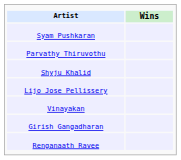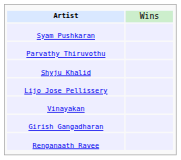 <table class="infobox" style="width: 25em; text-align: center; font-size: 70%; vertical-align: middle;">
 <tr>
 <td colspan="3" style="text-align:center;"></td>
 </tr>
 <tr style="background:#d9e8ff; text-align:center;">
 <th style="vertical-align: middle;">Artist</th>
-<td style="background:#cec; font-size:8pt; width:60px;"><strong>Wins</strong></td>
+<td style="background:#cec; font-size:8pt; width:60px;">Wins</td>
 </tr>
 <tr style="background:#eef;">
 <td style="text-align:center;"><br><a href='#'>Syam Pushkaran</a></td>
 <td></td>
 </tr>
 <tr style="background:#eef;">
 <td style="text-align:center;"><br><a href='#'>Parvathy Thiruvothu</a></td>
 <td></td>
 </tr>
 <tr style="background:#eef;">
 <td style="text-align:center;"><br><a href='#'>Shyju Khalid</a></td>
 <td></td>
 </tr>
 <tr style="background:#eef;">
 <td style="text-align:center;"><br><a href='#'>Lijo Jose Pellissery</a></td>
 <td></td>
 </tr>
 <tr style="background:#eef;">
 <td style="text-align:center;"><br><a href='#'>Vinayakan</a></td>
 <td></td>
 </tr>
 <tr style="background:#eef;">
 <td style="text-align:center;"><br><a href='#'>Girish Gangadharan</a></td>
 <td></td>
 </tr>
 <tr style="background:#eef;">
 <td style="text-align:center;"><br><a href='#'>Renganaath Ravee</a></td>
 <td></td>
 </tr>
 <tr style="background:#eef;">
 </tr>
 </table>
